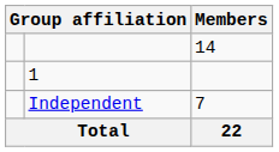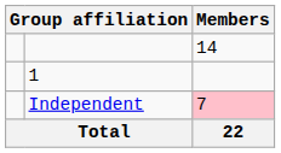 <table class="wikitable">
 <tr>
 <th colspan="2" rowspan="1">Group affiliation</th>
 <th>Members</th>
 </tr>
 <tr>
 <td style="width: 4px" bgcolor=></td>
 <td style="text-align: left;" scope="row"><a href='#'></a></td>
 <td>14</td>
 </tr>
 <tr>
 <td></td>
 <td>1</td>
 </tr>
 <tr>
 <td style="background-color:"> </td>
 <td><a href='#'>Independent</a> <br></td>
-<td>7</td>
+<td style="background: pink;">7</td>
 </tr>
 <tr>
 <th colspan="2" rowspan="1"> Total<br></th>
 <th>22</th>
 </tr>
 </table>
